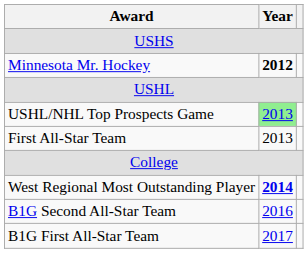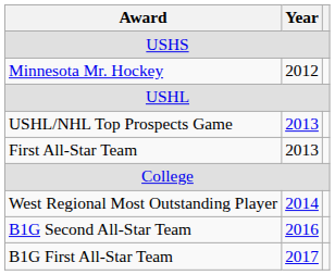 <table class="wikitable">
 <tr>
 <th>Award</th>
 <th>Year</th>
 <th></th>
 </tr>
 <tr ALIGN="center" bgcolor="#e0e0e0">
 <td colspan="3"><a href='#'>USHS</a></td>
 </tr>
 <tr>
 <td><a href='#'>Minnesota Mr. Hockey</a></td>
-<td><strong>2012</strong></td>
+<td>2012</td>
 <td></td>
 </tr>
 <tr ALIGN="center" bgcolor="#e0e0e0">
 <td colspan="3"><a href='#'>USHL</a></td>
 </tr>
 <tr>
 <td>USHL/NHL Top Prospects Game</td>
-<td style="background: lightgreen;"><a href='#'>2013</a></td>
+<td><a href='#'>2013</a></td>
 <td></td>
 </tr>
 <tr>
 <td>First All-Star Team</td>
 <td>2013</td>
 <td></td>
 </tr>
 <tr ALIGN="center" bgcolor="#e0e0e0">
 <td colspan="3"><a href='#'>College</a></td>
 </tr>
 <tr>
 <td>West Regional Most Outstanding Player</td>
-<td><strong><a href='#'>2014</a></strong></td>
+<td><a href='#'>2014</a></td>
 <td></td>
 </tr>
 <tr>
 <td><a href='#'>B1G</a> Second All-Star Team</td>
 <td><a href='#'>2016</a></td>
 <td></td>
 </tr>
 <tr>
 <td>B1G First All-Star Team</td>
 <td><a href='#'>2017</a></td>
 <td></td>
 </tr>
 </table>
